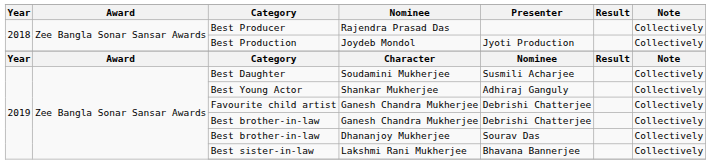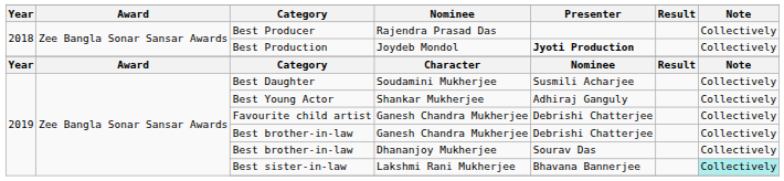 <table class="wikitable sortable"  style="margin:auto; margin:auto;">
 <tr style="background:#b0c4de; text-align:center;">
 </tr>
 <tr>
 </tr>
 <tr style="background:#F0E8C;">
 </tr>
 <tr>
 </tr>
 <tr>
 <th>Year</th>
 <th>Award</th>
 <th>Category</th>
 <th>Nominee</th>
 <th>Presenter</th>
 <th>Result</th>
 <th>Note</th>
 </tr>
 <tr>
 <td rowspan="2">2018</td>
 <td rowspan="2">Zee Bangla Sonar Sansar Awards</td>
 <td>Best Producer</td>
 <td>Rajendra Prasad Das</td>
 <td></td>
 <td></td>
 <td>Collectively</td>
 </tr>
 <tr>
 <td>Best Production</td>
 <td>Joydeb Mondol</td>
-<td>Jyoti Production</td>
+<td><strong>Jyoti Production</strong></td>
 <td></td>
 <td>Collectively</td>
 </tr>
 <tr>
 </tr>
 <tr style="background:#b0c4de;">
 </tr>
 <tr>
 <th>Year</th>
 <th>Award</th>
 <th>Category</th>
 <th>Character</th>
 <th>Nominee</th>
 <th>Result</th>
 <th>Note</th>
 </tr>
 <tr>
 <td rowspan="7">2019</td>
 <td rowspan="7">Zee Bangla Sonar Sansar Awards</td>
 <td>Best Daughter</td>
 <td>Soudamini Mukherjee</td>
 <td>Susmili Acharjee</td>
 <td></td>
 <td>Collectively</td>
 </tr>
 <tr>
 <td>Best Young Actor</td>
 <td>Shankar Mukherjee</td>
 <td>Adhiraj Ganguly</td>
 <td></td>
 <td>Collectively</td>
 </tr>
 <tr>
 <td>Favourite child artist</td>
 <td>Ganesh Chandra Mukherjee</td>
 <td>Debrishi Chatterjee</td>
 <td></td>
 <td>Collectively</td>
 </tr>
 <tr>
 <td>Best brother-in-law</td>
 <td>Ganesh Chandra Mukherjee</td>
 <td>Debrishi Chatterjee</td>
 <td></td>
 <td>Collectively</td>
 </tr>
 <tr>
 <td>Best brother-in-law</td>
 <td>Dhananjoy Mukherjee</td>
 <td>Sourav Das</td>
 <td></td>
 <td>Collectively</td>
 </tr>
 <tr>
 <td>Best sister-in-law</td>
 <td>Lakshmi Rani Mukherjee</td>
 <td>Bhavana Bannerjee</td>
 <td></td>
-<td>Collectively</td>
+<td style="background: paleturquoise;">Collectively</td>
 </tr>
 <tr>
 </tr>
 </table>
